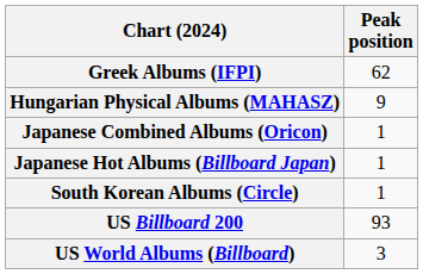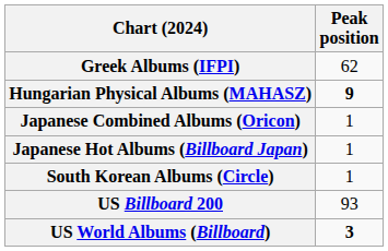 <table class="wikitable sortable plainrowheaders" style="text-align:center">
 <tr>
 <th scope="col">Chart (2024)</th>
 <th scope="col">Peak<br>position</th>
 </tr>
 <tr>
 </tr>
 <tr>
 <th scope="row">Greek Albums (<a href='#'>IFPI</a>)</th>
 <td>62</td>
 </tr>
 <tr>
 <th scope="row">Hungarian Physical Albums (<a href='#'>MAHASZ</a>)</th>
-<td>9</td>
+<td><strong>9</strong></td>
 </tr>
 <tr>
 </tr>
 <tr>
 <th scope="row">Japanese Combined Albums (<a href='#'>Oricon</a>)</th>
 <td>1</td>
 </tr>
 <tr>
 <th scope="row">Japanese Hot Albums (<em><a href='#'>Billboard Japan</a></em>)</th>
 <td>1</td>
 </tr>
 <tr>
 <th scope="row">South Korean Albums (<a href='#'>Circle</a>)</th>
 <td>1</td>
 </tr>
 <tr>
 <th scope="row">US <a href='#'><em>Billboard</em> 200</a></th>
 <td>93</td>
 </tr>
 <tr>
 <th scope="row">US <a href='#'>World Albums</a> (<em><a href='#'>Billboard</a></em>)</th>
-<td>3</td>
+<td><strong>3</strong></td>
 </tr>
 </table>
